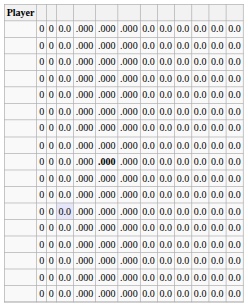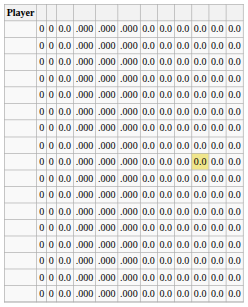 <table class="wikitable sortable" style="font-size:95%; text-align:right">
 <tr>
 <th>Player</th>
 <th></th>
 <th></th>
 <th></th>
 <th></th>
 <th></th>
 <th></th>
 <th></th>
 <th></th>
 <th></th>
 <th></th>
 <th></th>
 <th></th>
 </tr>
 <tr>
 <td><strong></strong></td>
 <td>0</td>
 <td>0</td>
 <td>0.0</td>
 <td>.000</td>
 <td>.000</td>
 <td>.000</td>
 <td>0.0</td>
 <td>0.0</td>
 <td>0.0</td>
 <td>0.0</td>
 <td>0.0</td>
 <td>0.0</td>
 </tr>
 <tr>
 <td><strong></strong></td>
 <td>0</td>
 <td>0</td>
 <td>0.0</td>
 <td>.000</td>
 <td>.000</td>
 <td>.000</td>
 <td>0.0</td>
 <td>0.0</td>
 <td>0.0</td>
 <td>0.0</td>
 <td>0.0</td>
 <td>0.0</td>
 </tr>
 <tr>
 <td><strong></strong></td>
 <td>0</td>
 <td>0</td>
 <td>0.0</td>
 <td>.000</td>
 <td>.000</td>
 <td>.000</td>
 <td>0.0</td>
 <td>0.0</td>
 <td>0.0</td>
 <td>0.0</td>
 <td>0.0</td>
 <td>0.0</td>
 </tr>
 <tr>
 <td><strong></strong></td>
 <td>0</td>
 <td>0</td>
 <td>0.0</td>
 <td>.000</td>
 <td>.000</td>
 <td>.000</td>
 <td>0.0</td>
 <td>0.0</td>
 <td>0.0</td>
 <td>0.0</td>
 <td>0.0</td>
 <td>0.0</td>
 </tr>
 <tr>
 <td><strong></strong></td>
 <td>0</td>
 <td>0</td>
 <td>0.0</td>
 <td>.000</td>
 <td>.000</td>
 <td>.000</td>
 <td>0.0</td>
 <td>0.0</td>
 <td>0.0</td>
 <td>0.0</td>
 <td>0.0</td>
 <td>0.0</td>
 </tr>
 <tr>
 <td><strong></strong></td>
 <td>0</td>
 <td>0</td>
 <td>0.0</td>
 <td>.000</td>
 <td>.000</td>
 <td>.000</td>
 <td>0.0</td>
 <td>0.0</td>
 <td>0.0</td>
 <td>0.0</td>
 <td>0.0</td>
 <td>0.0</td>
 </tr>
 <tr>
 <td><strong></strong></td>
 <td>0</td>
 <td>0</td>
 <td>0.0</td>
 <td>.000</td>
 <td>.000</td>
 <td>.000</td>
 <td>0.0</td>
 <td>0.0</td>
 <td>0.0</td>
 <td>0.0</td>
 <td>0.0</td>
 <td>0.0</td>
 </tr>
 <tr>
 <td><strong></strong></td>
 <td>0</td>
 <td>0</td>
 <td>0.0</td>
 <td>.000</td>
 <td>.000</td>
 <td>.000</td>
 <td>0.0</td>
 <td>0.0</td>
 <td>0.0</td>
 <td>0.0</td>
 <td>0.0</td>
 <td>0.0</td>
 </tr>
 <tr>
 <td><strong></strong></td>
 <td>0</td>
 <td>0</td>
 <td>0.0</td>
 <td>.000</td>
-<td><strong>.000</strong></td>
+<td>.000</td>
 <td>.000</td>
 <td>0.0</td>
 <td>0.0</td>
 <td>0.0</td>
-<td>0.0</td>
+<td style="background: khaki;">0.0</td>
 <td>0.0</td>
 <td>0.0</td>
 </tr>
 <tr>
 <td><strong></strong></td>
 <td>0</td>
 <td>0</td>
 <td>0.0</td>
 <td>.000</td>
 <td>.000</td>
 <td>.000</td>
 <td>0.0</td>
 <td>0.0</td>
 <td>0.0</td>
 <td>0.0</td>
 <td>0.0</td>
 <td>0.0</td>
 </tr>
 <tr>
 <td><strong></strong></td>
 <td>0</td>
 <td>0</td>
 <td>0.0</td>
 <td>.000</td>
 <td>.000</td>
 <td>.000</td>
 <td>0.0</td>
 <td>0.0</td>
 <td>0.0</td>
 <td>0.0</td>
 <td>0.0</td>
 <td>0.0</td>
 </tr>
 <tr>
 <td><strong></strong></td>
 <td>0</td>
 <td>0</td>
-<td style="background: lavender;">0.0</td>
+<td>0.0</td>
 <td>.000</td>
 <td>.000</td>
 <td>.000</td>
 <td>0.0</td>
 <td>0.0</td>
 <td>0.0</td>
 <td>0.0</td>
 <td>0.0</td>
 <td>0.0</td>
 </tr>
 <tr>
 <td><strong></strong></td>
 <td>0</td>
 <td>0</td>
 <td>0.0</td>
 <td>.000</td>
 <td>.000</td>
 <td>.000</td>
 <td>0.0</td>
 <td>0.0</td>
 <td>0.0</td>
 <td>0.0</td>
 <td>0.0</td>
 <td>0.0</td>
 </tr>
 <tr>
 <td><strong></strong></td>
 <td>0</td>
 <td>0</td>
 <td>0.0</td>
 <td>.000</td>
 <td>.000</td>
 <td>.000</td>
 <td>0.0</td>
 <td>0.0</td>
 <td>0.0</td>
 <td>0.0</td>
 <td>0.0</td>
 <td>0.0</td>
 </tr>
 <tr>
 <td><strong></strong></td>
 <td>0</td>
 <td>0</td>
 <td>0.0</td>
 <td>.000</td>
 <td>.000</td>
 <td>.000</td>
 <td>0.0</td>
 <td>0.0</td>
 <td>0.0</td>
 <td>0.0</td>
 <td>0.0</td>
 <td>0.0</td>
 </tr>
 <tr>
 <td><strong></strong></td>
 <td>0</td>
 <td>0</td>
 <td>0.0</td>
 <td>.000</td>
 <td>.000</td>
 <td>.000</td>
 <td>0.0</td>
 <td>0.0</td>
 <td>0.0</td>
 <td>0.0</td>
 <td>0.0</td>
 <td>0.0</td>
 </tr>
 <tr>
 <td><strong></strong></td>
 <td>0</td>
 <td>0</td>
 <td>0.0</td>
 <td>.000</td>
 <td>.000</td>
 <td>.000</td>
 <td>0.0</td>
 <td>0.0</td>
 <td>0.0</td>
 <td>0.0</td>
 <td>0.0</td>
 <td>0.0</td>
 </tr>
 <tr>
 </tr>
 </table>
